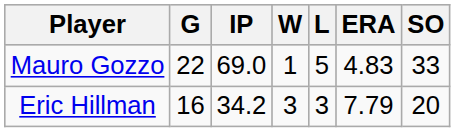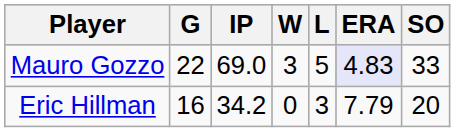 <table class="wikitable sortable">
 <tr>
 <th>Player</th>
 <th>G</th>
 <th>IP</th>
 <th>W</th>
 <th>L</th>
 <th>ERA</th>
 <th>SO</th>
 </tr>
 <tr align="center">
 <td><a href='#'>Mauro Gozzo</a></td>
 <td>22</td>
 <td>69.0</td>
-<td>1</td>
+<td>3</td>
 <td>5</td>
-<td>4.83</td>
+<td style="background: lavender;">4.83</td>
 <td>33</td>
 </tr>
 <tr align=center>
 <td><a href='#'>Eric Hillman</a></td>
 <td>16</td>
 <td>34.2</td>
-<td>3</td>
+<td>0</td>
 <td>3</td>
 <td>7.79</td>
 <td>20</td>
 </tr>
 </table>
